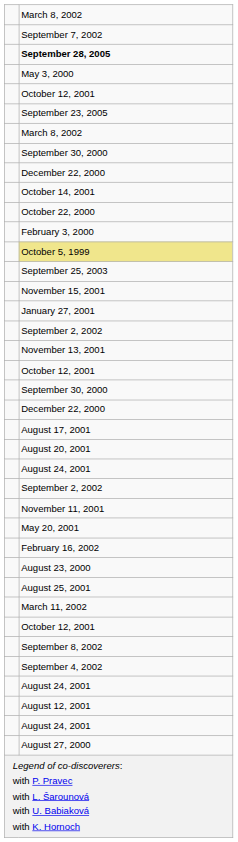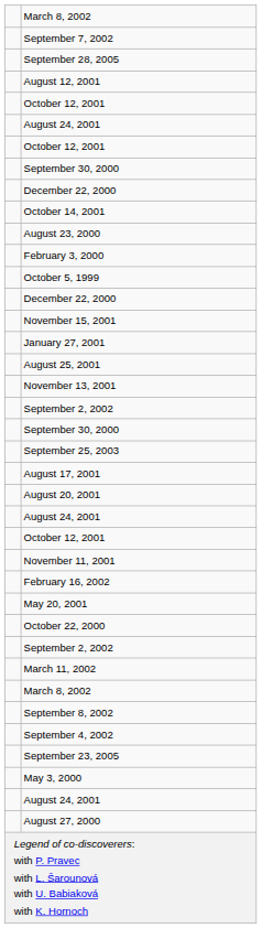 <table class="wikitable" style="font-size: 89%; float: left; width: 24em; margin-right: 1em; line-height: 1.6em !important;">
 <tr>
 <td> </td>
 <td>March 8, 2002</td>
 </tr>
 <tr>
 <td> </td>
 <td>September 7, 2002</td>
 </tr>
 <tr>
 <td></td>
-<td><strong>September 28, 2005</strong></td>
+<td>September 28, 2005</td>
 </tr>
 <tr>
 <td></td>
-<td>May 3, 2000</td>
+<td>August 12, 2001</td>
 </tr>
 <tr>
 <td></td>
 <td>October 12, 2001</td>
 </tr>
 <tr>
 <td></td>
-<td>September 23, 2005</td>
+<td>August 24, 2001</td>
 </tr>
 <tr>
 <td></td>
-<td>March 8, 2002</td>
+<td>October 12, 2001</td>
 </tr>
 <tr>
 <td> </td>
 <td>September 30, 2000</td>
 </tr>
 <tr>
 <td> </td>
 <td>December 22, 2000</td>
 </tr>
 <tr>
 <td> </td>
 <td>October 14, 2001</td>
 </tr>
 <tr>
 <td> </td>
-<td>October 22, 2000</td>
+<td>August 23, 2000</td>
 </tr>
 <tr>
 <td></td>
 <td>February 3, 2000</td>
 </tr>
 <tr>
 <td></td>
-<td style="background: khaki;">October 5, 1999</td>
+<td>October 5, 1999</td>
 </tr>
 <tr>
 <td> </td>
-<td>September 25, 2003</td>
+<td>December 22, 2000</td>
 </tr>
 <tr>
 <td> </td>
 <td>November 15, 2001</td>
 </tr>
 <tr>
 <td></td>
 <td>January 27, 2001</td>
 </tr>
 <tr>
 <td> </td>
-<td>September 2, 2002</td>
+<td>August 25, 2001</td>
 </tr>
 <tr>
 <td></td>
 <td>November 13, 2001</td>
 </tr>
 <tr>
 <td></td>
-<td>October 12, 2001</td>
+<td>September 2, 2002</td>
 </tr>
 <tr>
 <td> </td>
 <td>September 30, 2000</td>
 </tr>
 <tr>
 <td></td>
-<td>December 22, 2000</td>
+<td>September 25, 2003</td>
 </tr>
 <tr>
 <td> </td>
 <td>August 17, 2001</td>
 </tr>
 <tr>
 <td> </td>
 <td>August 20, 2001</td>
 </tr>
 <tr>
 <td> </td>
 <td>August 24, 2001</td>
 </tr>
 <tr>
 <td></td>
-<td>September 2, 2002</td>
+<td>October 12, 2001</td>
 </tr>
 <tr>
 <td></td>
 <td>November 11, 2001</td>
 </tr>
 <tr>
 <td> </td>
+<td>February 16, 2002</td>
+</tr>
+<tr>
+<td> </td>
 <td>May 20, 2001</td>
 </tr>
 <tr>
-<td> </td>
-<td>February 16, 2002</td>
-</tr>
-<tr>
 <td></td>
-<td>August 23, 2000</td>
+<td>October 22, 2000</td>
 </tr>
 <tr>
 <td> </td>
-<td>August 25, 2001</td>
+<td>September 2, 2002</td>
 </tr>
 <tr>
 <td></td>
 <td>March 11, 2002</td>
 </tr>
 <tr>
 <td> </td>
-<td>October 12, 2001</td>
+<td>March 8, 2002</td>
 </tr>
 <tr>
 <td> </td>
 <td>September 8, 2002</td>
 </tr>
 <tr>
 <td></td>
 <td>September 4, 2002</td>
 </tr>
 <tr>
 <td> </td>
-<td>August 24, 2001</td>
+<td>September 23, 2005</td>
 </tr>
 <tr>
 <td></td>
-<td>August 12, 2001</td>
+<td>May 3, 2000</td>
 </tr>
 <tr>
 <td> </td>
 <td>August 24, 2001</td>
 </tr>
 <tr>
 <td> </td>
 <td>August 27, 2000</td>
 </tr>
 <tr>
 <th colspan=2 style="font-weight: normal; text-align: left; padding: 4px 12px;"><em>Legend of co-discoverers</em>:<br> with <a href='#'>P. Pravec</a><br> with <a href='#'>L. Šarounová</a><br> with <a href='#'>U. Babiaková</a><br> with <a href='#'>K. Hornoch</a></th>
 </tr>
 </table>
